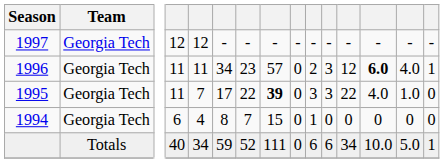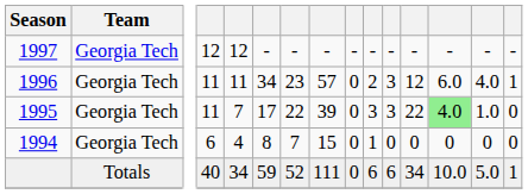 <table class="wikitable" style="text-align:center">
 <tr>
 <th>Season</th>
 <th>Team</th>
 <th rowspan=99 style="background:#fff; border-color:#fff #aaa"> </th>
 <th></th>
 <th></th>
 <th></th>
 <th></th>
 <th></th>
 <th></th>
 <th></th>
 <th></th>
 <th></th>
 <th></th>
 <th></th>
 <th></th>
 </tr>
 <tr>
 <td><a href='#'>1997</a></td>
 <td><a href='#'>Georgia Tech</a></td>
 <td>12</td>
 <td>12</td>
 <td>-</td>
 <td>-</td>
 <td>-</td>
 <td>-</td>
 <td>-</td>
 <td>-</td>
 <td>-</td>
 <td>-</td>
 <td>-</td>
 <td>-</td>
 </tr>
 <tr>
 <td><a href='#'>1996</a></td>
 <td>Georgia Tech</td>
 <td>11</td>
 <td>11</td>
 <td>34</td>
 <td>23</td>
 <td>57</td>
 <td>0</td>
 <td>2</td>
 <td>3</td>
 <td>12</td>
-<td><strong>6.0</strong></td>
+<td>6.0</td>
 <td>4.0</td>
 <td>1</td>
 </tr>
 <tr>
 <td><a href='#'>1995</a></td>
 <td>Georgia Tech</td>
 <td>11</td>
 <td>7</td>
 <td>17</td>
 <td>22</td>
-<td><strong>39</strong></td>
+<td>39</td>
 <td>0</td>
 <td>3</td>
 <td>3</td>
 <td>22</td>
-<td>4.0</td>
+<td style="background: lightgreen;">4.0</td>
 <td>1.0</td>
 <td>0</td>
 </tr>
 <tr>
 <td><a href='#'>1994</a></td>
 <td>Georgia Tech</td>
 <td>6</td>
 <td>4</td>
 <td>8</td>
 <td>7</td>
 <td>15</td>
 <td>0</td>
 <td>1</td>
 <td>0</td>
 <td>0</td>
 <td>0</td>
 <td>0</td>
 <td>0</td>
 </tr>
 <tr style="background:#f0f0f0;">
 <td></td>
 <td>Totals</td>
 <td>40</td>
 <td>34</td>
 <td>59</td>
 <td>52</td>
 <td>111</td>
 <td>0</td>
 <td>6</td>
 <td>6</td>
 <td>34</td>
 <td>10.0</td>
 <td>5.0</td>
 <td>1</td>
 </tr>
 <tr>
 </tr>
 </table>
